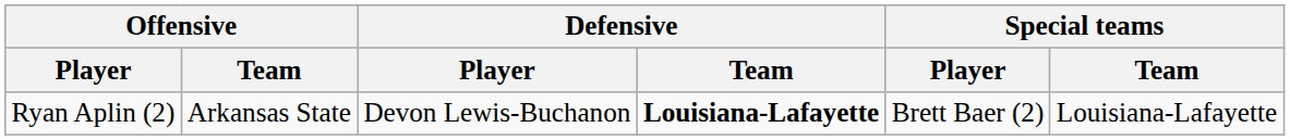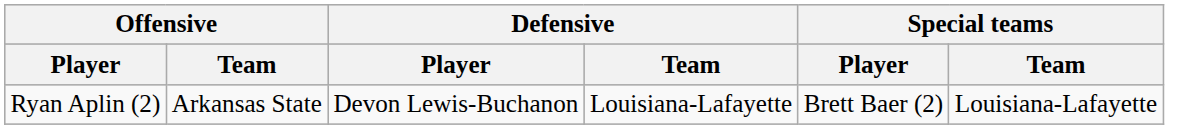 <table class="wikitable">
 <tr>
 <th colspan="2">Offensive</th>
 <th colspan="2">Defensive</th>
 <th colspan="2">Special teams</th>
 </tr>
 <tr>
 <th>Player</th>
 <th>Team</th>
 <th>Player</th>
 <th>Team</th>
 <th>Player</th>
 <th>Team</th>
 </tr>
 <tr>
 <td>Ryan Aplin (2)</td>
 <td>Arkansas State</td>
 <td>Devon Lewis-Buchanon</td>
-<td><strong>Louisiana-Lafayette</strong></td>
+<td>Louisiana-Lafayette</td>
 <td>Brett Baer (2)</td>
 <td>Louisiana-Lafayette</td>
 </tr>
 </table>
